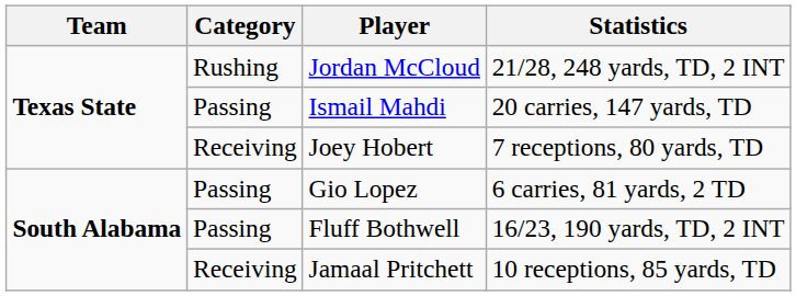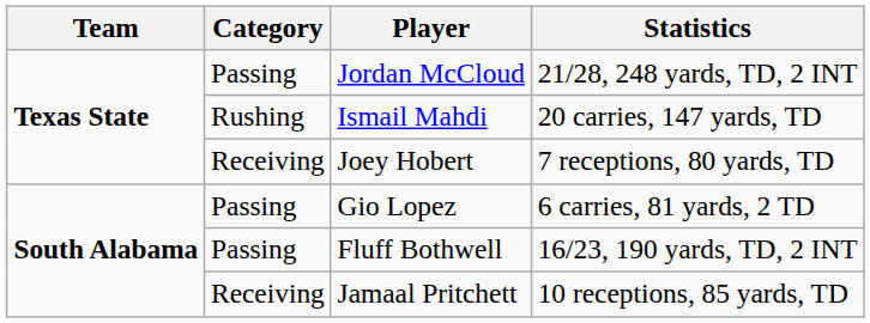 <table class="wikitable" style="float: right;">
 <tr>
 <th>Team</th>
 <th>Category</th>
 <th>Player</th>
 <th>Statistics</th>
 </tr>
 <tr>
 <td rowspan=3><strong>Texas State</strong></td>
-<td>Rushing</td>
+<td>Passing</td>
 <td><a href='#'>Jordan McCloud</a></td>
 <td>21/28, 248 yards, TD, 2 INT</td>
 </tr>
 <tr>
-<td>Passing</td>
+<td>Rushing</td>
 <td><a href='#'>Ismail Mahdi</a></td>
 <td>20 carries, 147 yards, TD</td>
 </tr>
 <tr>
 <td>Receiving</td>
 <td>Joey Hobert</td>
 <td>7 receptions, 80 yards, TD</td>
 </tr>
 <tr>
 <td rowspan=3><strong>South Alabama</strong></td>
 <td>Passing</td>
 <td>Gio Lopez</td>
 <td>6 carries, 81 yards, 2 TD</td>
 </tr>
 <tr>
 <td>Passing</td>
 <td>Fluff Bothwell</td>
 <td>16/23, 190 yards, TD, 2 INT</td>
 </tr>
 <tr>
 <td>Receiving</td>
 <td>Jamaal Pritchett</td>
 <td>10 receptions, 85 yards, TD</td>
 </tr>
 </table>
